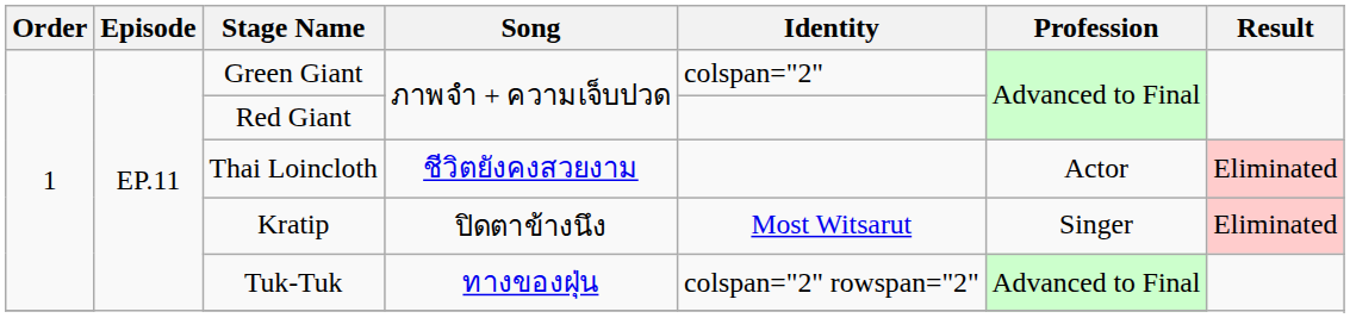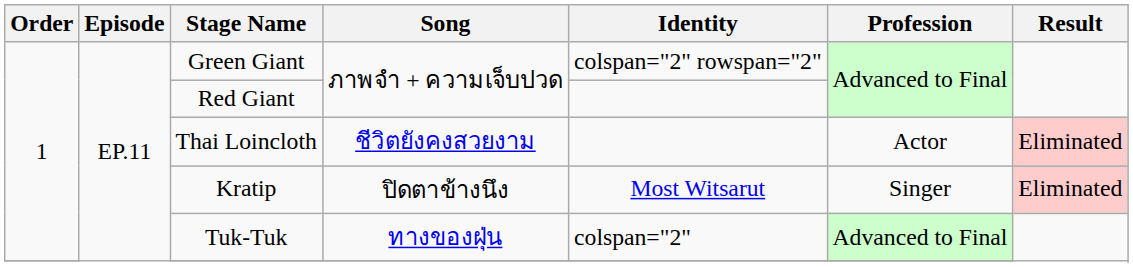 <table class="wikitable">
 <tr>
 <th>Order</th>
 <th>Episode</th>
 <th>Stage Name</th>
 <th>Song</th>
 <th>Identity</th>
 <th>Profession</th>
 <th>Result</th>
 </tr>
 <tr>
 <td rowspan="5" style="text-align:center;">1</td>
 <td rowspan="7" align="center">EP.11</td>
 <td style="text-align:center;">Green Giant</td>
 <td rowspan="2" style="text-align:center;">ภาพจำ + ความเจ็บปวด</td>
-<td>colspan="2"  </td>
+<td>colspan="2" rowspan="2" </td>
 <td rowspan="2" style="text-align:center; background:#ccffcc;">Advanced to Final</td>
 </tr>
 <tr>
 <td style="text-align:center;">Red Giant</td>
 </tr>
 <tr>
 <td style="text-align:center;">Thai Loincloth</td>
 <td style="text-align:center;"><a href='#'>ชีวิตยังคงสวยงาม</a></td>
 <td style="text-align:center;"></td>
 <td style="text-align:center;">Actor</td>
 <td style="text-align:center; background:#ffcccc;">Eliminated</td>
 </tr>
 <tr>
 <td style="text-align:center;">Kratip</td>
 <td style="text-align:center;">ปิดตาข้างนึง</td>
 <td style="text-align:center;"><a href='#'>Most Witsarut</a></td>
 <td style="text-align:center;">Singer</td>
 <td style="text-align:center; background:#ffcccc;">Eliminated</td>
 </tr>
 <tr>
 <td style="text-align:center;">Tuk-Tuk</td>
 <td style="text-align:center;"><a href='#'>ทางของฝุ่น</a></td>
-<td>colspan="2" rowspan="2" </td>
+<td>colspan="2"  </td>
 <td style="text-align:center; background:#ccffcc;">Advanced to Final</td>
 </tr>
 <tr>
 </tr>
 </table>
